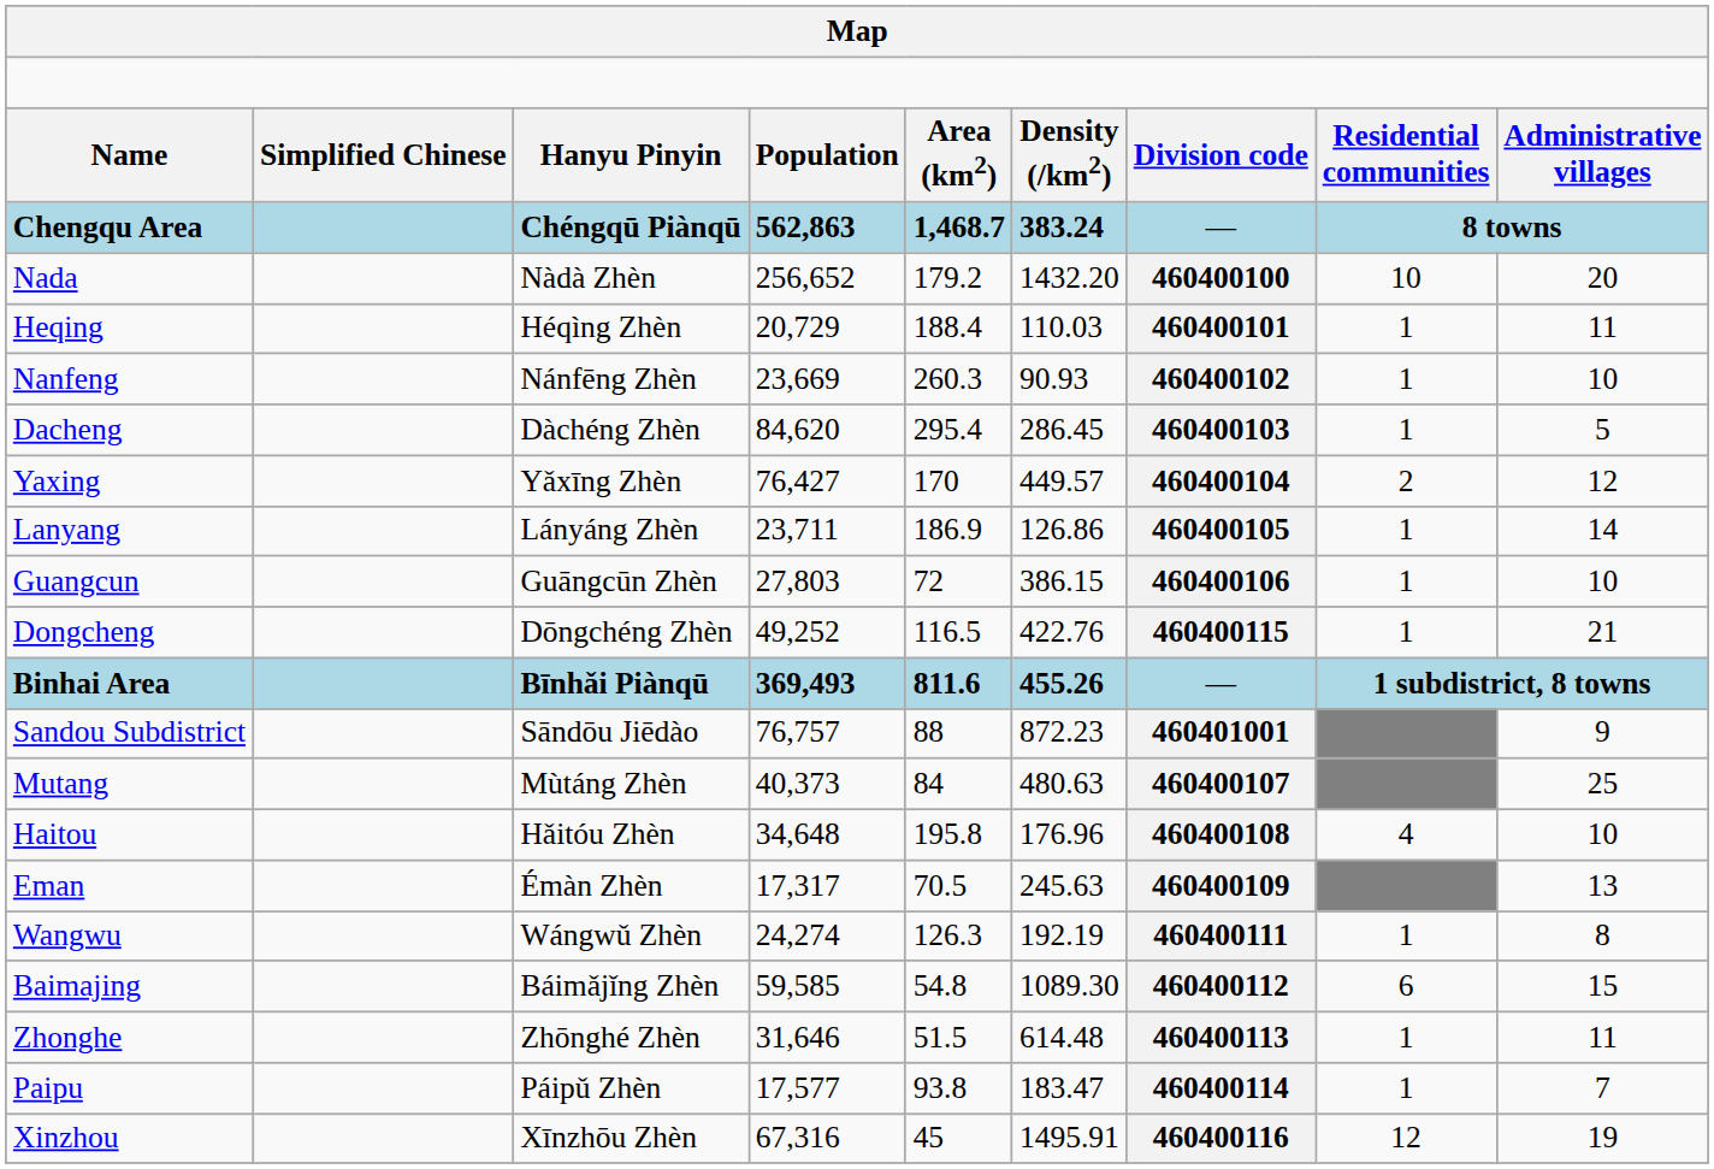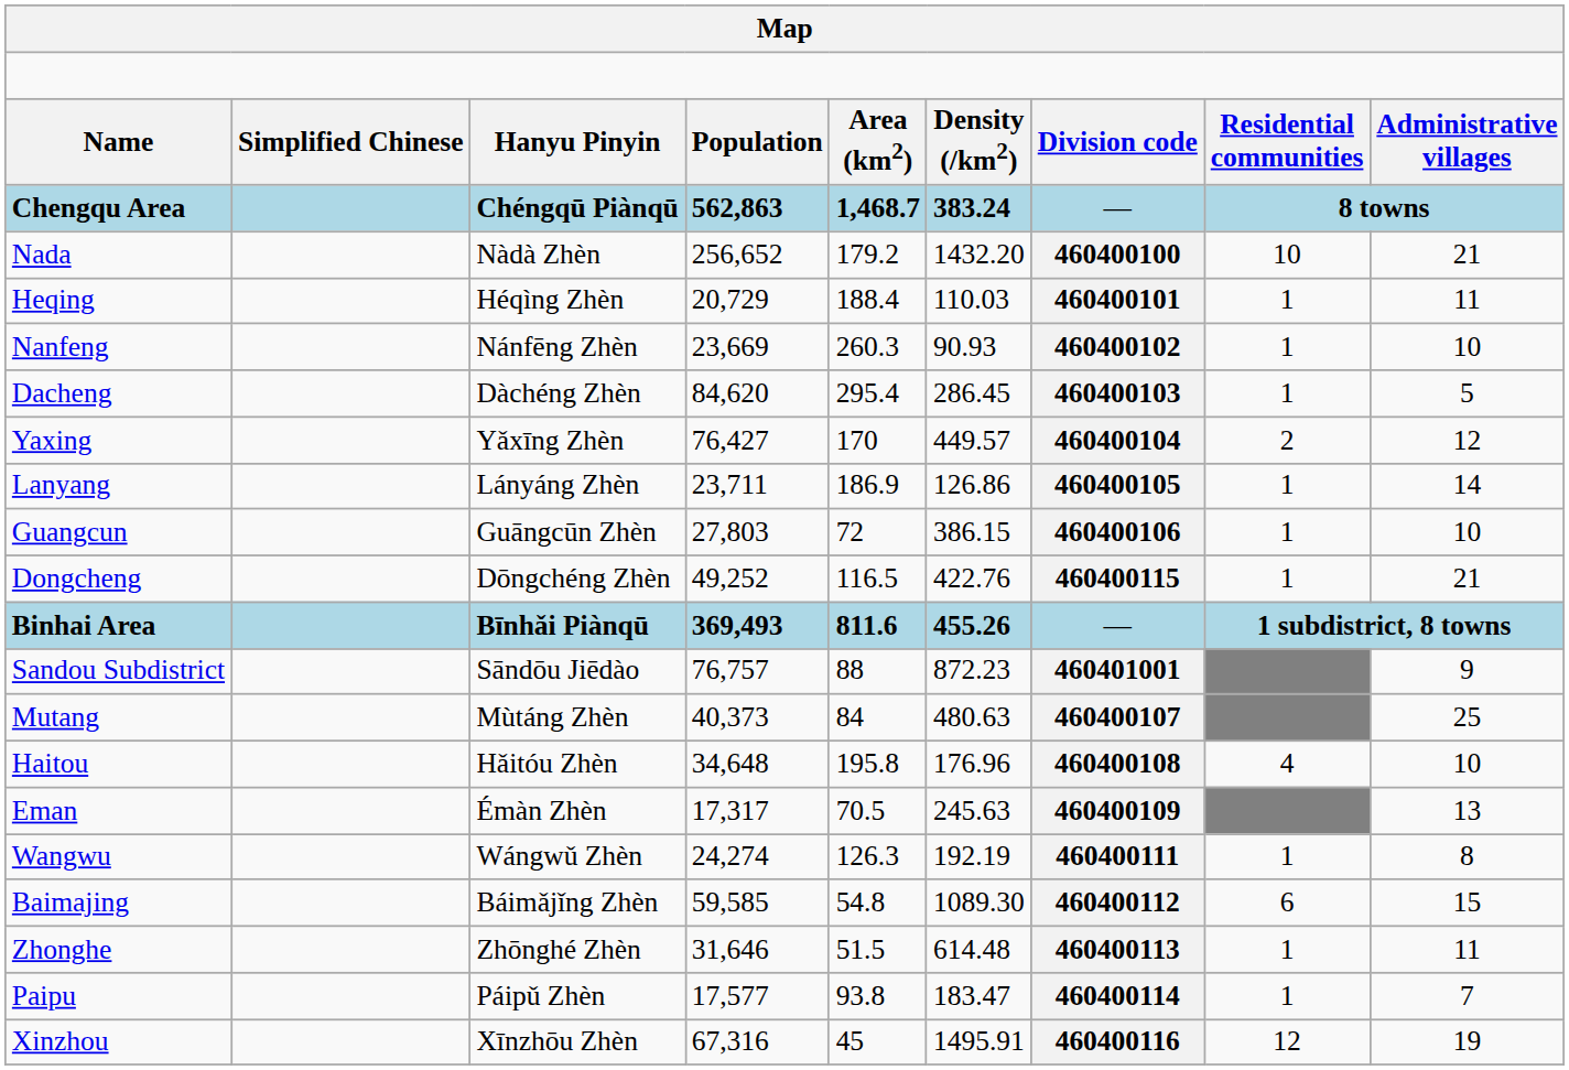 <table class="wikitable" style="font-size:90%;">
 <tr>
 <th colspan="9">Map</th>
 </tr>
 <tr>
 <td colspan="9"><div><br>                   </div></td>
 </tr>
 <tr>
 <th>Name</th>
 <th>Simplified Chinese</th>
 <th>Hanyu Pinyin</th>
 <th>Population<br></th>
 <th>Area<br>(km<sup>2</sup>)</th>
 <th>Density<br>(/km<sup>2</sup>)</th>
 <th scope="col"><a href='#'>Division code</a></th>
 <th scope="col" width="45"><a href='#'>Residential communities</a></th>
 <th scope="col" width="45"><a href='#'>Administrative villages</a></th>
 </tr>
 <tr bgcolor="lightblue">
 <td><strong>Chengqu Area</strong></td>
 <td></td>
 <td><strong>Chéngqū Piànqū</strong></td>
 <td><strong>562,863</strong></td>
 <td><strong>1,468.7</strong></td>
 <td><strong>383.24</strong></td>
 <td align="center">—</td>
 <td colspan="2" align="center"><strong>8 towns</strong></td>
 </tr>
 <tr>
 <td><a href='#'>Nada</a> </td>
 <td></td>
 <td>Nàdà Zhèn</td>
 <td>256,652</td>
 <td>179.2</td>
 <td>1432.20</td>
 <th>460400100</th>
 <td align="center">10</td>
-<td align="center">20</td>
+<td align="center">21</td>
 </tr>
 <tr>
 <td><a href='#'>Heqing</a></td>
 <td></td>
 <td>Héqìng Zhèn</td>
 <td>20,729</td>
 <td>188.4</td>
 <td>110.03</td>
 <th>460400101</th>
 <td align="center">1</td>
 <td align="center">11</td>
 </tr>
 <tr>
 <td><a href='#'>Nanfeng</a></td>
 <td></td>
 <td>Nánfēng Zhèn</td>
 <td>23,669</td>
 <td>260.3</td>
 <td>90.93</td>
 <th>460400102</th>
 <td align="center">1</td>
 <td align="center">10</td>
 </tr>
 <tr>
 <td><a href='#'>Dacheng</a> </td>
 <td></td>
 <td>Dàchéng Zhèn</td>
 <td>84,620</td>
 <td>295.4</td>
 <td>286.45</td>
 <th>460400103</th>
 <td align="center">1</td>
 <td align="center">5</td>
 </tr>
 <tr>
 <td><a href='#'>Yaxing</a> </td>
 <td></td>
 <td>Yǎxīng Zhèn</td>
 <td>76,427</td>
 <td>170</td>
 <td>449.57</td>
 <th>460400104</th>
 <td align="center">2</td>
 <td align="center">12</td>
 </tr>
 <tr>
 <td><a href='#'>Lanyang</a> </td>
 <td></td>
 <td>Lányáng Zhèn</td>
 <td>23,711</td>
 <td>186.9</td>
 <td>126.86</td>
 <th>460400105</th>
 <td align="center">1</td>
 <td align="center">14</td>
 </tr>
 <tr>
 <td><a href='#'>Guangcun</a></td>
 <td></td>
 <td>Guāngcūn Zhèn</td>
 <td>27,803</td>
 <td>72</td>
 <td>386.15</td>
 <th>460400106</th>
 <td align="center">1</td>
 <td align="center">10</td>
 </tr>
 <tr>
 <td><a href='#'>Dongcheng</a></td>
 <td></td>
 <td>Dōngchéng Zhèn</td>
 <td>49,252</td>
 <td>116.5</td>
 <td>422.76</td>
 <th>460400115</th>
 <td align="center">1</td>
 <td align="center">21</td>
 </tr>
 <tr bgcolor="lightblue">
 <td><strong>Binhai Area</strong></td>
 <td></td>
 <td><strong>Bīnhǎi Piànqū</strong></td>
 <td><strong>369,493</strong></td>
 <td><strong>811.6</strong></td>
 <td><strong>455.26</strong></td>
 <td align="center">—</td>
 <td colspan="2" align="center"><strong>1 subdistrict, 8 towns</strong></td>
 </tr>
 <tr>
 <td><a href='#'>Sandou Subdistrict</a> </td>
 <td></td>
 <td>Sāndōu Jiēdào</td>
 <td>76,757</td>
 <td>88</td>
 <td>872.23</td>
 <th>460401001</th>
 <td align="center" bgcolor="grey"> </td>
 <td align="center">9</td>
 </tr>
 <tr>
 <td><a href='#'>Mutang</a></td>
 <td></td>
 <td>Mùtáng Zhèn</td>
 <td>40,373</td>
 <td>84</td>
 <td>480.63</td>
 <th>460400107</th>
 <td align="center" bgcolor="grey"> </td>
 <td align="center">25</td>
 </tr>
 <tr>
 <td><a href='#'>Haitou</a></td>
 <td></td>
 <td>Hǎitóu Zhèn</td>
 <td>34,648</td>
 <td>195.8</td>
 <td>176.96</td>
 <th>460400108</th>
 <td align="center">4</td>
 <td align="center">10</td>
 </tr>
 <tr>
 <td><a href='#'>Eman</a></td>
 <td></td>
 <td>Émàn Zhèn</td>
 <td>17,317</td>
 <td>70.5</td>
 <td>245.63</td>
 <th>460400109</th>
 <td align="center" bgcolor="grey"> </td>
 <td align="center">13</td>
 </tr>
 <tr>
 <td><a href='#'>Wangwu</a></td>
 <td></td>
 <td>Wángwǔ Zhèn</td>
 <td>24,274</td>
 <td>126.3</td>
 <td>192.19</td>
 <th>460400111</th>
 <td align="center">1</td>
 <td align="center">8</td>
 </tr>
 <tr>
 <td><a href='#'>Baimajing</a></td>
 <td></td>
 <td>Báimǎjǐng Zhèn</td>
 <td>59,585</td>
 <td>54.8</td>
 <td>1089.30</td>
 <th>460400112</th>
 <td align="center">6</td>
 <td align="center">15</td>
 </tr>
 <tr>
 <td><a href='#'>Zhonghe</a></td>
 <td></td>
 <td>Zhōnghé Zhèn</td>
 <td>31,646</td>
 <td>51.5</td>
 <td>614.48</td>
 <th>460400113</th>
 <td align="center">1</td>
 <td align="center">11</td>
 </tr>
 <tr>
 <td><a href='#'>Paipu</a></td>
 <td></td>
 <td>Páipǔ Zhèn</td>
 <td>17,577</td>
 <td>93.8</td>
 <td>183.47</td>
 <th>460400114</th>
 <td align="center">1</td>
 <td align="center">7</td>
 </tr>
 <tr>
 <td><a href='#'>Xinzhou</a></td>
 <td></td>
 <td>Xīnzhōu Zhèn</td>
 <td>67,316</td>
 <td>45</td>
 <td>1495.91</td>
 <th>460400116</th>
 <td align="center">12</td>
 <td align="center">19</td>
 </tr>
 </table>
